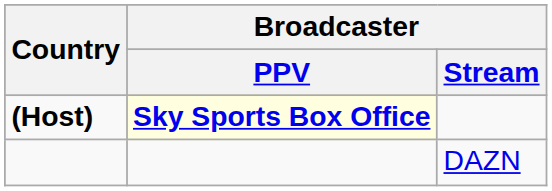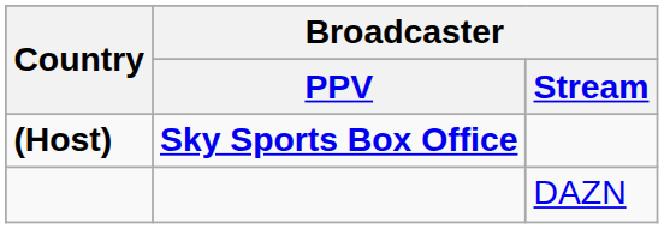 <table class="wikitable">
 <tr>
 <th rowspan="2">Country</th>
 <th colspan="2">Broadcaster</th>
 </tr>
 <tr>
 <th align="center"><a href='#'>PPV</a></th>
 <th align="center"><a href='#'>Stream</a></th>
 </tr>
 <tr>
 <td><strong> (Host)</strong></td>
-<td style="background: lightyellow;"><strong><a href='#'>Sky Sports Box Office</a></strong></td>
+<td><strong><a href='#'>Sky Sports Box Office</a></strong></td>
 <td></td>
 </tr>
 <tr>
 <td></td>
 <td></td>
 <td><a href='#'>DAZN</a></td>
 </tr>
 </table>
